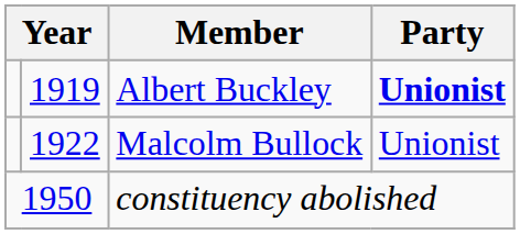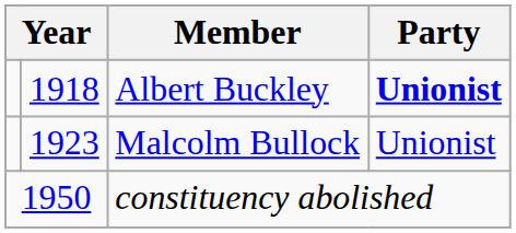 <table class="wikitable">
 <tr>
 <th colspan="2">Year</th>
 <th>Member</th>
 <th>Party</th>
 </tr>
 <tr>
 <td style="color:inherit;background-color: "></td>
-<td><a href='#'>1919</a></td>
+<td><a href='#'>1918</a></td>
 <td><a href='#'>Albert Buckley</a></td>
 <td><strong><a href='#'>Unionist</a></strong></td>
 </tr>
 <tr>
 <td style="color:inherit;background-color: "></td>
-<td><a href='#'>1922</a></td>
+<td><a href='#'>1923</a></td>
 <td><a href='#'>Malcolm Bullock</a></td>
 <td><a href='#'>Unionist</a></td>
 </tr>
 <tr>
 <td colspan="2" align="center"><a href='#'>1950</a></td>
 <td colspan="2"><em>constituency abolished</em></td>
 </tr>
 </table>
